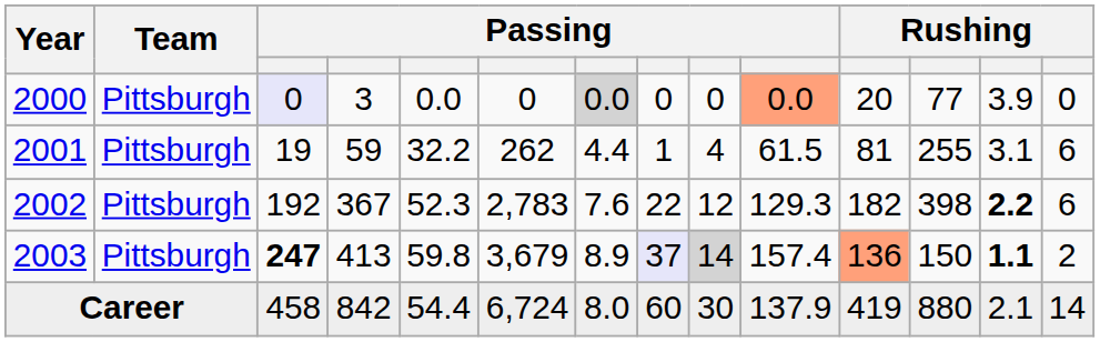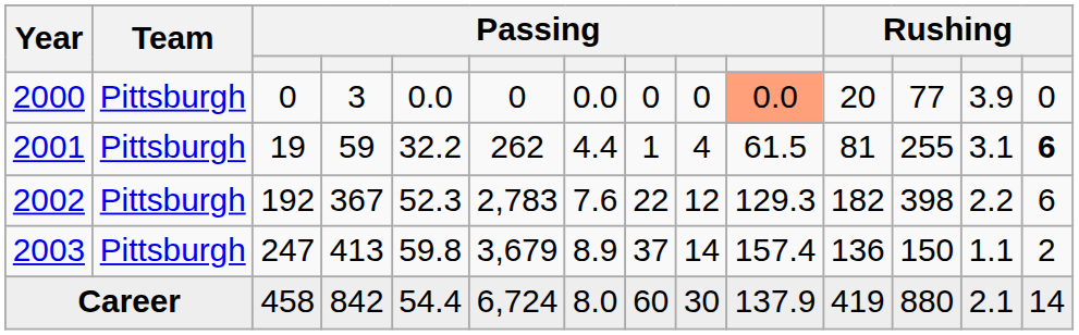 <table class="wikitable sortable" style="text-align:center;">
 <tr>
 <th rowspan=2>Year</th>
 <th rowspan=2>Team</th>
 <th colspan=8>Passing</th>
 <th colspan=4>Rushing</th>
 </tr>
 <tr>
 <th></th>
 <th></th>
 <th></th>
 <th></th>
 <th></th>
 <th></th>
 <th></th>
 <th></th>
 <th></th>
 <th></th>
 <th></th>
 <th></th>
 </tr>
 <tr>
 <td><a href='#'>2000</a></td>
 <td><a href='#'>Pittsburgh</a></td>
-<td style="background: lavender;">0</td>
+<td>0</td>
 <td>3</td>
 <td>0.0</td>
 <td>0</td>
-<td style="background: lightgrey;">0.0</td>
+<td>0.0</td>
 <td>0</td>
 <td>0</td>
 <td style="background: lightsalmon;">0.0</td>
 <td>20</td>
 <td>77</td>
 <td>3.9</td>
 <td>0</td>
 </tr>
 <tr>
 <td><a href='#'>2001</a></td>
 <td><a href='#'>Pittsburgh</a></td>
 <td>19</td>
 <td>59</td>
 <td>32.2</td>
 <td>262</td>
 <td>4.4</td>
 <td>1</td>
 <td>4</td>
 <td>61.5</td>
 <td>81</td>
 <td>255</td>
 <td>3.1</td>
-<td>6</td>
+<td><strong>6</strong></td>
 </tr>
 <tr>
 <td><a href='#'>2002</a></td>
 <td><a href='#'>Pittsburgh</a></td>
 <td>192</td>
 <td>367</td>
 <td>52.3</td>
 <td>2,783</td>
 <td>7.6</td>
 <td>22</td>
 <td>12</td>
 <td>129.3</td>
 <td>182</td>
 <td>398</td>
-<td><strong>2.2</strong></td>
+<td>2.2</td>
 <td>6</td>
 </tr>
 <tr>
 <td><a href='#'>2003</a></td>
 <td><a href='#'>Pittsburgh</a></td>
-<td><strong>247</strong></td>
+<td>247</td>
 <td>413</td>
 <td>59.8</td>
 <td>3,679</td>
 <td>8.9</td>
-<td style="background: lavender;">37</td>
-<td style="background: lightgrey;">14</td>
+<td>37</td>
+<td>14</td>
 <td>157.4</td>
-<td style="background: lightsalmon;">136</td>
+<td>136</td>
 <td>150</td>
-<td><strong>1.1</strong></td>
+<td>1.1</td>
 <td>2</td>
 </tr>
 <tr class="sortbottom" style="background:#eee;">
 <td colspan=2><strong>Career</strong></td>
 <td>458</td>
 <td>842</td>
 <td>54.4</td>
 <td>6,724</td>
 <td>8.0</td>
 <td>60</td>
 <td>30</td>
 <td>137.9</td>
 <td>419</td>
 <td>880</td>
 <td>2.1</td>
 <td>14</td>
 </tr>
 </table>
